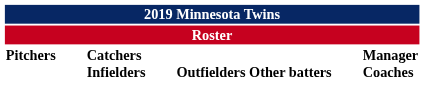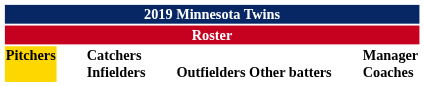 <table class="toccolours" style="font-size: 95%;">
 <tr>
 <th colspan="10" style="background:#072764; color:#fff; text-align:center;">2019 Minnesota Twins</th>
 </tr>
 <tr>
 <td colspan="10" style="background:#c6011f; color:white; text-align:center;"><strong>Roster</strong></td>
 </tr>
 <tr>
-<td valign="top"><strong>Pitchers</strong><br>                             </td>
+<td valign="top" style="background: gold;"><strong>Pitchers</strong><br>                             </td>
 <td style="width:25px;"></td>
 <td valign="top"><strong>Catchers</strong><br>  <strong>Infielders</strong>          </td>
 <td style="width:25px;"></td>
 <td valign="top"><br><strong>Outfielders</strong>        <strong>Other batters</strong> </td>
 <td style="width:25px;"></td>
 <td valign="top"><strong>Manager</strong><br> <strong>Coaches</strong>                       </td>
 </tr>
 </table>
